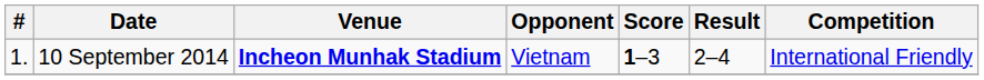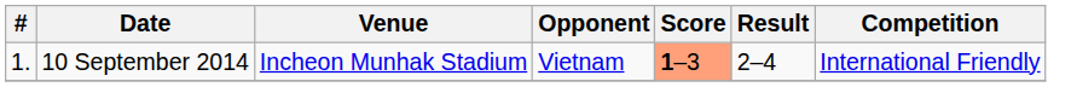 <table class="wikitable">
 <tr>
 <th>#</th>
 <th>Date</th>
 <th>Venue</th>
 <th>Opponent</th>
 <th>Score</th>
 <th>Result</th>
 <th>Competition</th>
 </tr>
 <tr>
 <td>1.</td>
 <td>10 September 2014</td>
-<td><strong><a href='#'>Incheon Munhak Stadium</a></strong></td>
+<td><a href='#'>Incheon Munhak Stadium</a></td>
 <td> <a href='#'>Vietnam</a></td>
-<td><strong>1</strong>–3</td>
+<td style="background: lightsalmon;"><strong>1</strong>–3</td>
 <td>2–4</td>
 <td><a href='#'>International Friendly</a></td>
 </tr>
 <tr>
 </tr>
 </table>
